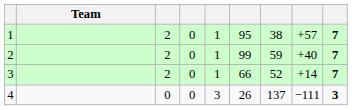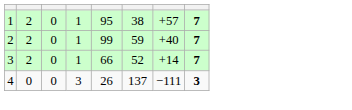 <table class="wikitable" style="text-align:center;">
 <tr>
 <th style="width:1.5.em;"></th>
-<th style="width:10.5em;">Team</th>
 <th style="width:1.5em;"></th>
 <th style="width:1.5em;"></th>
 <th style="width:1.5em;"></th>
 <th style="width:2.0em;"></th>
 <th style="width:2.0em;"></th>
 <th style="width:2.0em;"></th>
 <th style="width:1.5em;"></th>
 </tr>
 <tr bgcolor=#cfc>
 <td>1</td>
-<td align="left"></td>
 <td>2</td>
 <td>0</td>
 <td>1</td>
 <td>95</td>
 <td>38</td>
 <td>+57</td>
 <td><strong>7</strong></td>
 </tr>
 <tr bgcolor=#cfc>
 <td>2</td>
-<td align="left"></td>
 <td>2</td>
 <td>0</td>
 <td>1</td>
 <td>99</td>
 <td>59</td>
 <td>+40</td>
 <td><strong>7</strong></td>
 </tr>
 <tr bgcolor=#cfc>
 <td>3</td>
-<td align="left"></td>
 <td>2</td>
 <td>0</td>
 <td>1</td>
 <td>66</td>
 <td>52</td>
 <td>+14</td>
 <td><strong>7</strong></td>
 </tr>
 <tr>
 <td>4</td>
-<td align="left"></td>
 <td>0</td>
 <td>0</td>
 <td>3</td>
 <td>26</td>
 <td>137</td>
 <td>−111</td>
 <td><strong>3</strong></td>
 </tr>
 </table>
